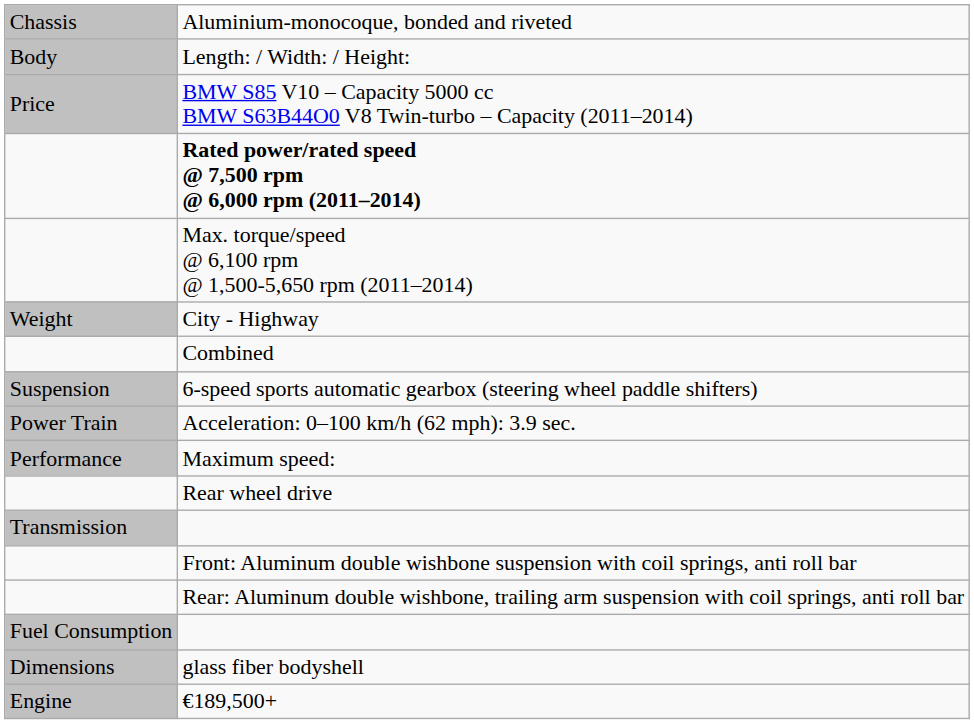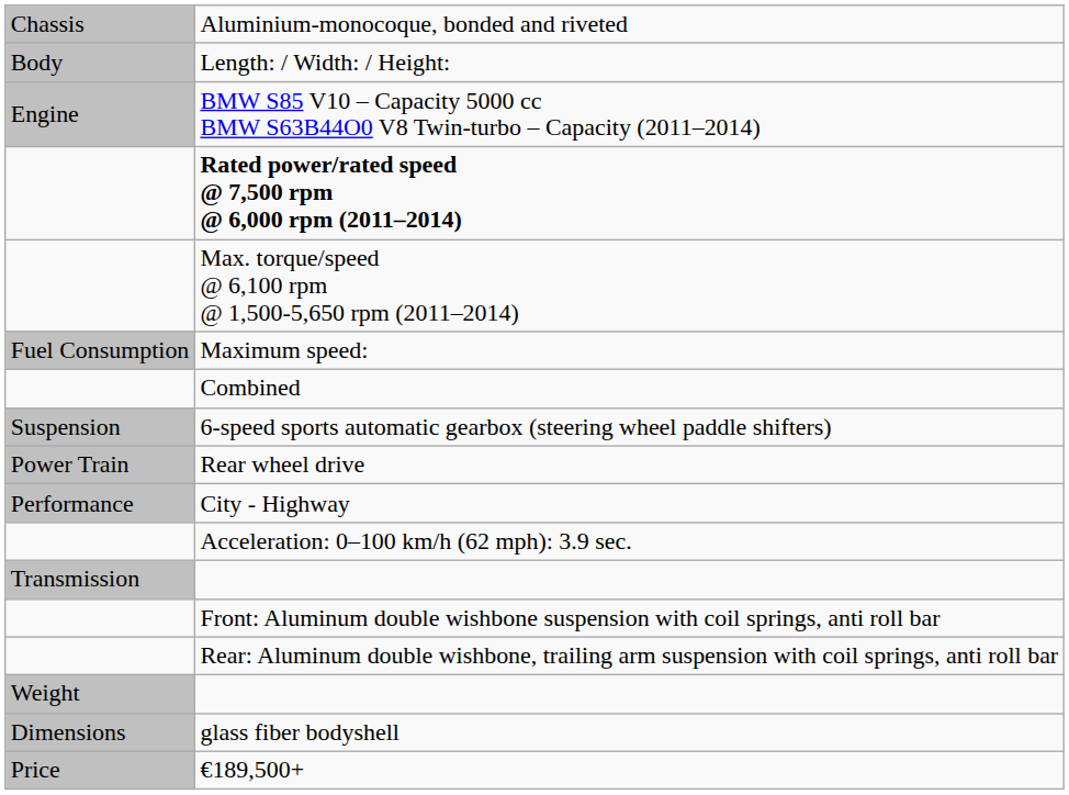 <table class="wikitable">
 <tr>
 <td style="background:silver">Chassis</td>
 <td>Aluminium-monocoque, bonded and riveted</td>
 </tr>
 <tr>
 <td style="background:silver">Body</td>
 <td>Length:  / Width:  / Height: </td>
 </tr>
 <tr>
-<td style="background:silver">Price</td>
+<td style="background:silver">Engine</td>
 <td><a href='#'>BMW S85</a> V10 – Capacity 5000 cc<br><a href='#'>BMW S63B44O0</a> V8 Twin-turbo – Capacity  (2011–2014)</td>
 </tr>
 <tr>
 <td></td>
 <td><strong>Rated power/rated speed<br> @ 7,500 rpm<br> @ 6,000 rpm (2011–2014)</strong></td>
 </tr>
 <tr>
 <td></td>
 <td>Max. torque/speed<br> @ 6,100 rpm<br> @ 1,500-5,650 rpm (2011–2014)</td>
 </tr>
 <tr>
-<td style="background:silver">Weight</td>
-<td>City  - Highway </td>
+<td style="background:silver">Fuel Consumption</td>
+<td>Maximum speed: </td>
 </tr>
 <tr>
 <td></td>
 <td>Combined </td>
 </tr>
 <tr>
 <td style="background:silver">Suspension</td>
 <td>6-speed sports automatic gearbox (steering wheel paddle shifters)</td>
 </tr>
 <tr>
 <td style="background:silver">Power Train</td>
-<td>Acceleration: 0–100 km/h (62 mph): 3.9 sec.</td>
+<td>Rear wheel drive</td>
 </tr>
 <tr>
 <td style="background:silver">Performance</td>
-<td>Maximum speed: </td>
+<td>City  - Highway </td>
 </tr>
 <tr>
 <td></td>
-<td>Rear wheel drive</td>
+<td>Acceleration: 0–100 km/h (62 mph): 3.9 sec.</td>
 </tr>
 <tr>
 <td style="background:silver">Transmission</td>
 <td></td>
 </tr>
 <tr>
 <td></td>
 <td>Front: Aluminum double wishbone suspension with coil springs, anti roll bar</td>
 </tr>
 <tr>
 <td></td>
 <td>Rear: Aluminum double wishbone, trailing arm suspension with coil springs, anti roll bar</td>
 </tr>
 <tr>
-<td style="background:silver">Fuel Consumption</td>
+<td style="background:silver">Weight</td>
 <td></td>
 </tr>
 <tr>
 <td style="background:silver">Dimensions</td>
 <td>glass fiber bodyshell</td>
 </tr>
 <tr>
-<td style="background:silver">Engine</td>
+<td style="background:silver">Price</td>
 <td>€189,500+</td>
 </tr>
 </table>
